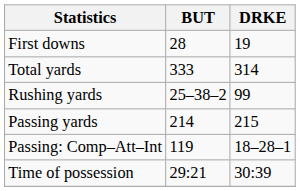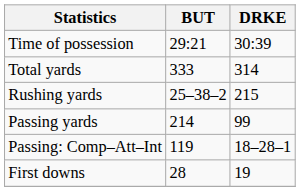 <table class="wikitable" style="float: left;">
 <tr>
 <th>Statistics</th>
 <th>BUT</th>
 <th>DRKE</th>
 </tr>
 <tr>
-<td>First downs</td>
-<td>28</td>
-<td>19</td>
+<td>Time of possession</td>
+<td>29:21</td>
+<td>30:39</td>
 </tr>
 <tr>
 <td>Total yards</td>
 <td>333</td>
 <td>314</td>
 </tr>
 <tr>
 <td>Rushing yards</td>
 <td>25–38–2</td>
-<td>99</td>
+<td>215</td>
 </tr>
 <tr>
 <td>Passing yards</td>
 <td>214</td>
-<td>215</td>
+<td>99</td>
 </tr>
 <tr>
 <td>Passing: Comp–Att–Int</td>
 <td>119</td>
 <td>18–28–1</td>
 </tr>
 <tr>
-<td>Time of possession</td>
-<td>29:21</td>
-<td>30:39</td>
+<td>First downs</td>
+<td>28</td>
+<td>19</td>
 </tr>
 <tr>
 </tr>
 </table>
